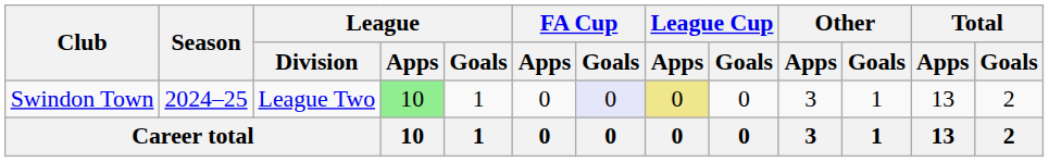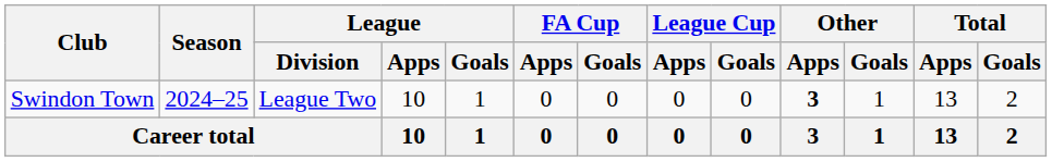 <table class="wikitable" style="text-align: center">
 <tr>
 <th rowspan="2">Club</th>
 <th rowspan="2">Season</th>
 <th colspan="3">League</th>
 <th colspan="2"><a href='#'>FA Cup</a></th>
 <th colspan="2"><a href='#'>League Cup</a></th>
 <th colspan="2">Other</th>
 <th colspan="2">Total</th>
 </tr>
 <tr>
 <th>Division</th>
 <th>Apps</th>
 <th>Goals</th>
 <th>Apps</th>
 <th>Goals</th>
 <th>Apps</th>
 <th>Goals</th>
 <th>Apps</th>
 <th>Goals</th>
 <th>Apps</th>
 <th>Goals</th>
 </tr>
 <tr>
 <td><a href='#'>Swindon Town</a></td>
 <td><a href='#'>2024–25</a></td>
 <td><a href='#'>League Two</a></td>
-<td style="background: lightgreen;">10</td>
+<td>10</td>
 <td>1</td>
 <td>0</td>
-<td style="background: lavender;">0</td>
-<td style="background: khaki;">0</td>
 <td>0</td>
-<td>3</td>
+<td>0</td>
+<td>0</td>
+<td><strong>3</strong></td>
 <td>1</td>
 <td>13</td>
 <td>2</td>
 </tr>
 <tr>
 <th colspan="3">Career total</th>
 <th>10</th>
 <th>1</th>
 <th>0</th>
 <th>0</th>
 <th>0</th>
 <th>0</th>
 <th>3</th>
 <th>1</th>
 <th>13</th>
 <th>2</th>
 </tr>
 </table>
